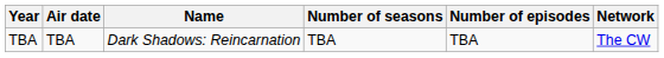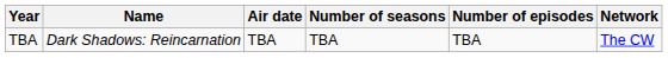 <table class="wikitable plainrowheaders" border="1">
 <tr>
 <th scope="col">Year</th>
+<th scope="col">Name</th>
 <th scope="col">Air date</th>
-<th scope="col">Name</th>
 <th scope="col">Number of seasons</th>
 <th scope="col">Number of episodes</th>
 <th scope="col">Network</th>
 </tr>
 <tr>
 <td scope="row">TBA</td>
+<td><em>Dark Shadows: Reincarnation</em></td>
 <td>TBA</td>
-<td><em>Dark Shadows: Reincarnation</em></td>
 <td>TBA</td>
 <td>TBA</td>
 <td><a href='#'>The CW</a></td>
 </tr>
 </table>
